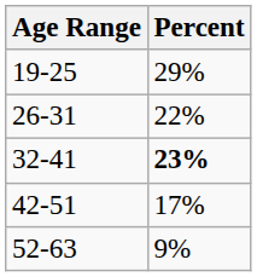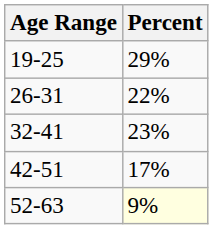 <table class="wikitable">
 <tr>
 <th>Age Range</th>
 <th>Percent</th>
 </tr>
 <tr>
 <td>19-25</td>
 <td>29%</td>
 </tr>
 <tr>
 <td>26-31</td>
 <td>22%</td>
 </tr>
 <tr>
 <td>32-41</td>
-<td><strong>23%</strong></td>
+<td>23%</td>
 </tr>
 <tr>
 <td>42-51</td>
 <td>17%</td>
 </tr>
 <tr>
 <td>52-63</td>
-<td>9%</td>
+<td style="background: lightyellow;">9%</td>
 </tr>
 </table>
